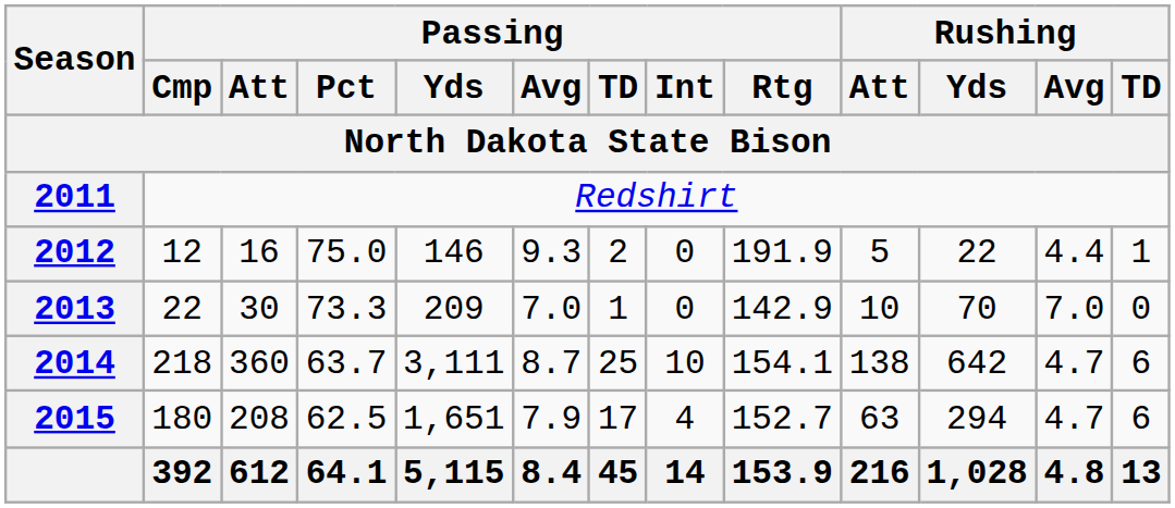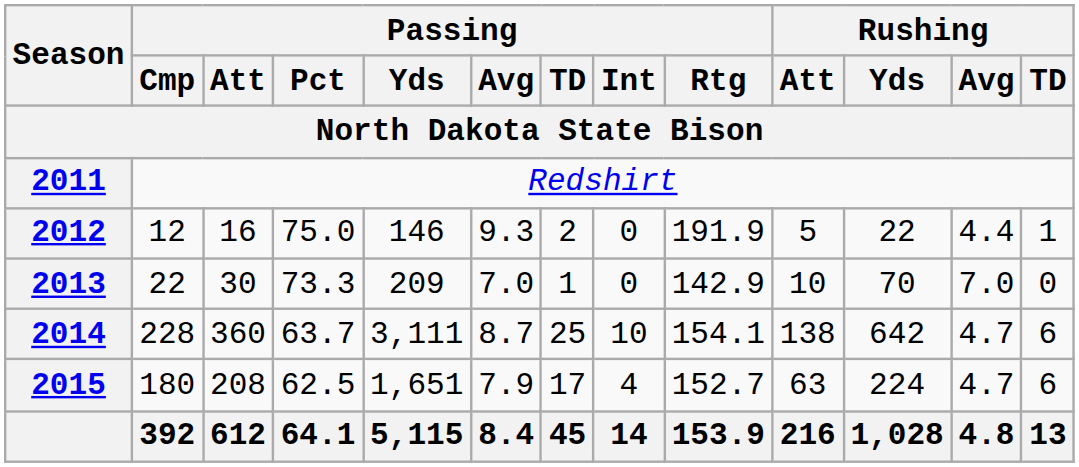 <table class="wikitable" style="text-align:center;">
 <tr>
 <th rowspan="2">Season</th>
 <th colspan="8">Passing</th>
 <th colspan="4">Rushing</th>
 </tr>
 <tr>
 <th>Cmp</th>
 <th>Att</th>
 <th>Pct</th>
 <th>Yds</th>
 <th>Avg</th>
 <th>TD</th>
 <th>Int</th>
 <th>Rtg</th>
 <th>Att</th>
 <th>Yds</th>
 <th>Avg</th>
 <th>TD</th>
 </tr>
 <tr>
 <th colspan="13">North Dakota State Bison</th>
 </tr>
 <tr>
 <th><a href='#'>2011</a></th>
 <td colspan="12"> <em><a href='#'>Redshirt</a></em></td>
 </tr>
 <tr>
 <th><a href='#'>2012</a></th>
 <td>12</td>
 <td>16</td>
 <td>75.0</td>
 <td>146</td>
 <td>9.3</td>
 <td>2</td>
 <td>0</td>
 <td>191.9</td>
 <td>5</td>
 <td>22</td>
 <td>4.4</td>
 <td>1</td>
 </tr>
 <tr>
 <th><a href='#'>2013</a></th>
 <td>22</td>
 <td>30</td>
 <td>73.3</td>
 <td>209</td>
 <td>7.0</td>
 <td>1</td>
 <td>0</td>
 <td>142.9</td>
 <td>10</td>
 <td>70</td>
 <td>7.0</td>
 <td>0</td>
 </tr>
 <tr>
 <th><a href='#'>2014</a></th>
-<td>218</td>
+<td>228</td>
 <td>360</td>
 <td>63.7</td>
 <td>3,111</td>
 <td>8.7</td>
 <td>25</td>
 <td>10</td>
 <td>154.1</td>
 <td>138</td>
 <td>642</td>
 <td>4.7</td>
 <td>6</td>
 </tr>
 <tr>
 <th><a href='#'>2015</a></th>
 <td>180</td>
 <td>208</td>
 <td>62.5</td>
 <td>1,651</td>
 <td>7.9</td>
 <td>17</td>
 <td>4</td>
 <td>152.7</td>
 <td>63</td>
-<td>294</td>
+<td>224</td>
 <td>4.7</td>
 <td>6</td>
 </tr>
 <tr>
 <th></th>
 <th>392</th>
 <th>612</th>
 <th>64.1</th>
 <th>5,115</th>
 <th>8.4</th>
 <th>45</th>
 <th>14</th>
 <th>153.9</th>
 <th>216</th>
 <th>1,028</th>
 <th>4.8</th>
 <th>13</th>
 </tr>
 </table>
